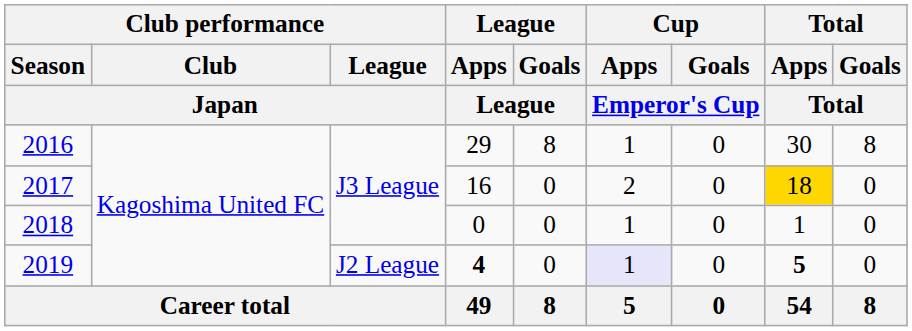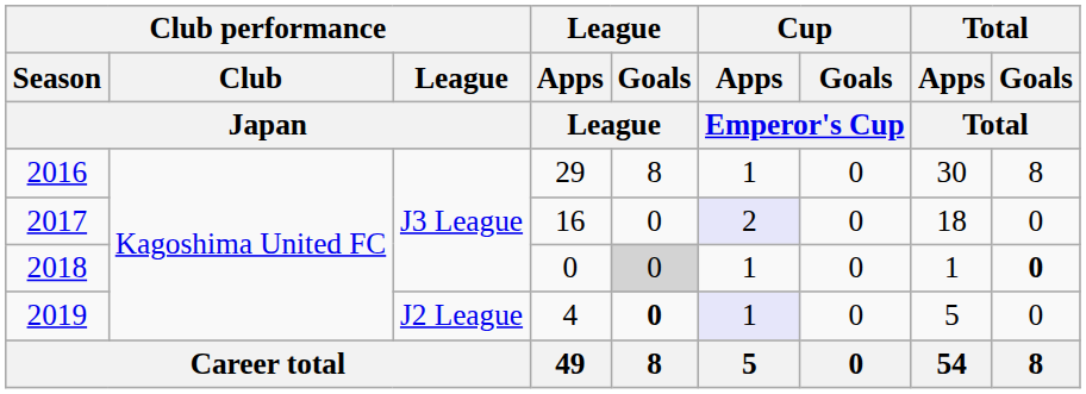 <table class="wikitable" style="text-align:center">
 <tr>
 <th colspan=3>Club performance</th>
 <th colspan=2>League</th>
 <th colspan=2>Cup</th>
 <th colspan=2>Total</th>
 </tr>
 <tr>
 <th>Season</th>
 <th>Club</th>
 <th>League</th>
 <th>Apps</th>
 <th>Goals</th>
 <th>Apps</th>
 <th>Goals</th>
 <th>Apps</th>
 <th>Goals</th>
 </tr>
 <tr>
 <th colspan=3>Japan</th>
 <th colspan=2>League</th>
 <th colspan=2><a href='#'>Emperor's Cup</a></th>
 <th colspan=2>Total</th>
 </tr>
 <tr>
 <td><a href='#'>2016</a></td>
 <td rowspan="4"><a href='#'>Kagoshima United FC</a></td>
 <td rowspan="3"><a href='#'>J3 League</a></td>
 <td>29</td>
 <td>8</td>
 <td>1</td>
 <td>0</td>
 <td>30</td>
 <td>8</td>
 </tr>
 <tr>
 <td><a href='#'>2017</a></td>
 <td>16</td>
 <td>0</td>
-<td>2</td>
+<td style="background: lavender;">2</td>
 <td>0</td>
-<td style="background: gold;">18</td>
+<td>18</td>
 <td>0</td>
 </tr>
 <tr>
 <td><a href='#'>2018</a></td>
 <td>0</td>
-<td>0</td>
+<td style="background: lightgrey;">0</td>
 <td>1</td>
 <td>0</td>
 <td>1</td>
-<td>0</td>
+<td><strong>0</strong></td>
 </tr>
 <tr>
 <td><a href='#'>2019</a></td>
 <td><a href='#'>J2 League</a></td>
-<td><strong>4</strong></td>
-<td>0</td>
+<td>4</td>
+<td><strong>0</strong></td>
 <td style="background: lavender;">1</td>
 <td>0</td>
-<td><strong>5</strong></td>
+<td>5</td>
 <td>0</td>
 </tr>
 <tr>
 <th colspan=3>Career total</th>
 <th>49</th>
 <th>8</th>
 <th>5</th>
 <th>0</th>
 <th>54</th>
 <th>8</th>
 </tr>
 </table>
